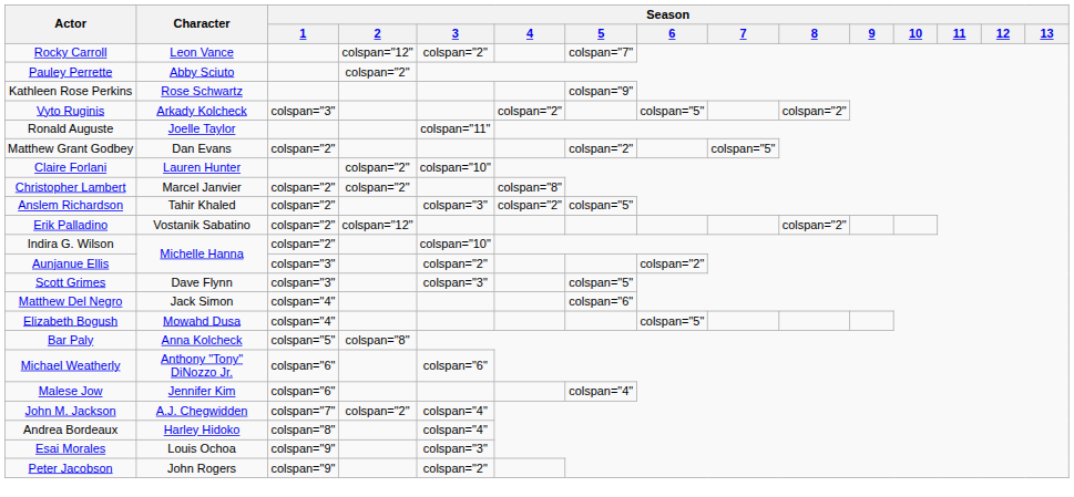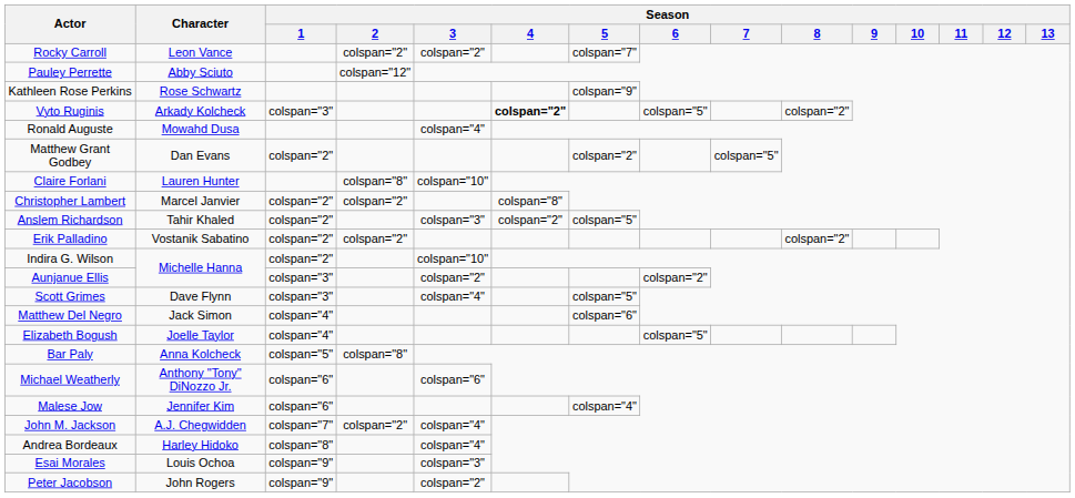 <table class="wikitable plainrowheaders" style="text-align:center; font-size:90%; width:100%">
 <tr>
 <th scope="col" rowspan="2" style="width:12%;">Actor</th>
 <th scope="col" rowspan="2" style="width:12%;">Character</th>
 <th scope="col" colspan="13" style="width:76%;">Season</th>
 </tr>
 <tr>
 <th scope="col" style="width:4%;"><a href='#'>1</a></th>
 <th scope="col" style="width:4%;"><a href='#'>2</a></th>
 <th scope="col" style="width:4%;"><a href='#'>3</a></th>
 <th scope="col" style="width:4%;"><a href='#'>4</a></th>
 <th scope="col" style="width:4%;"><a href='#'>5</a></th>
 <th scope="col" style="width:4%;"><a href='#'>6</a></th>
 <th scope="col" style="width:4%;"><a href='#'>7</a></th>
 <th scope="col" style="width:4%;"><a href='#'>8</a></th>
 <th scope="col" style="width:4%;"><a href='#'>9</a></th>
 <th scope="col" style="width:4%;"><a href='#'>10</a></th>
 <th scope="col" style="width:4%;"><a href='#'>11</a></th>
 <th scope="col" style="width:4%;"><a href='#'>12</a></th>
 <th scope="col" style="width:4%;"><a href='#'>13</a></th>
 </tr>
 <tr>
 <td scope="row"><a href='#'>Rocky Carroll</a></td>
 <td><a href='#'>Leon Vance</a></td>
 <td></td>
-<td>colspan="12" </td>
+<td>colspan="2" </td>
 <td>colspan="2" </td>
 <td></td>
 <td>colspan="7" </td>
 </tr>
 <tr>
 <td scope="row"><a href='#'>Pauley Perrette</a></td>
 <td><a href='#'>Abby Sciuto</a></td>
 <td></td>
-<td>colspan="2" </td>
+<td>colspan="12" </td>
 </tr>
 <tr>
 <td scope="row">Kathleen Rose Perkins</td>
 <td><a href='#'>Rose Schwartz</a></td>
 <td></td>
 <td></td>
 <td></td>
 <td></td>
 <td>colspan="9" </td>
 </tr>
 <tr>
 <td scope="row"><a href='#'>Vyto Ruginis</a></td>
 <td><a href='#'>Arkady Kolcheck</a></td>
 <td>colspan="3" </td>
 <td></td>
 <td></td>
-<td>colspan="2" </td>
+<td><strong>colspan="2" </strong></td>
 <td></td>
 <td>colspan="5" </td>
 <td></td>
 <td>colspan="2" </td>
 </tr>
 <tr>
 <td scope="row">Ronald Auguste</td>
-<td><a href='#'>Joelle Taylor</a></td>
+<td><a href='#'>Mowahd Dusa</a></td>
 <td></td>
 <td></td>
-<td>colspan="11" </td>
+<td>colspan="4" </td>
 </tr>
 <tr>
 <td scope="row">Matthew Grant Godbey</td>
 <td>Dan Evans</td>
 <td>colspan="2" </td>
 <td></td>
 <td></td>
 <td></td>
 <td>colspan="2" </td>
 <td></td>
 <td>colspan="5" </td>
 </tr>
 <tr>
 <td scope="row"><a href='#'>Claire Forlani</a></td>
 <td><a href='#'>Lauren Hunter</a></td>
 <td></td>
-<td>colspan="2" </td>
+<td>colspan="8" </td>
 <td>colspan="10" </td>
 </tr>
 <tr>
 <td scope="row"><a href='#'>Christopher Lambert</a></td>
 <td>Marcel Janvier</td>
 <td>colspan="2" </td>
 <td>colspan="2" </td>
 <td></td>
 <td>colspan="8" </td>
 </tr>
 <tr>
 <td scope="row"><a href='#'>Anslem Richardson</a></td>
 <td>Tahir Khaled</td>
 <td>colspan="2" </td>
 <td></td>
 <td>colspan="3" </td>
 <td>colspan="2" </td>
 <td>colspan="5" </td>
 </tr>
 <tr>
 <td scope="row"><a href='#'>Erik Palladino</a></td>
 <td>Vostanik Sabatino</td>
 <td>colspan="2" </td>
-<td>colspan="12" </td>
+<td>colspan="2" </td>
 <td></td>
 <td></td>
 <td></td>
 <td></td>
 <td></td>
 <td>colspan="2" </td>
 <td></td>
 <td></td>
 </tr>
 <tr>
 <td scope="row">Indira G. Wilson</td>
 <td rowspan="2"><a href='#'>Michelle Hanna</a></td>
 <td>colspan="2" </td>
 <td></td>
 <td>colspan="10" </td>
 </tr>
 <tr>
 <td scope="row"><a href='#'>Aunjanue Ellis</a></td>
 <td>colspan="3" </td>
 <td></td>
 <td>colspan="2" </td>
 <td></td>
 <td></td>
 <td>colspan="2" </td>
 </tr>
 <tr>
 <td scope="row"><a href='#'>Scott Grimes</a></td>
 <td>Dave Flynn</td>
 <td>colspan="3" </td>
 <td></td>
-<td>colspan="3" </td>
+<td>colspan="4" </td>
 <td></td>
 <td>colspan="5" </td>
 </tr>
 <tr>
 <td scope="row"><a href='#'>Matthew Del Negro</a></td>
 <td>Jack Simon</td>
 <td>colspan="4" </td>
 <td></td>
 <td></td>
 <td></td>
 <td>colspan="6" </td>
 </tr>
 <tr>
 <td scope="row"><a href='#'>Elizabeth Bogush</a></td>
-<td><a href='#'>Mowahd Dusa</a></td>
+<td><a href='#'>Joelle Taylor</a></td>
 <td>colspan="4" </td>
 <td></td>
 <td></td>
 <td></td>
 <td></td>
 <td>colspan="5" </td>
 <td></td>
 <td></td>
 <td></td>
 </tr>
 <tr>
 <td scope="row"><a href='#'>Bar Paly</a></td>
 <td><a href='#'>Anna Kolcheck</a></td>
 <td>colspan="5" </td>
 <td>colspan="8" </td>
 </tr>
 <tr>
 <td scope="row"><a href='#'>Michael Weatherly</a></td>
 <td><a href='#'>Anthony "Tony" DiNozzo Jr.</a></td>
 <td>colspan="6" </td>
 <td></td>
 <td>colspan="6" </td>
 </tr>
 <tr>
 <td scope="row"><a href='#'>Malese Jow</a></td>
 <td><a href='#'>Jennifer Kim</a></td>
 <td>colspan="6" </td>
 <td></td>
 <td></td>
 <td></td>
 <td>colspan="4" </td>
 </tr>
 <tr>
 <td scope="row"><a href='#'>John M. Jackson</a></td>
 <td><a href='#'>A.J. Chegwidden</a></td>
 <td>colspan="7" </td>
 <td>colspan="2" </td>
 <td>colspan="4" </td>
 </tr>
 <tr>
 <td scope="row">Andrea Bordeaux</td>
 <td><a href='#'>Harley Hidoko</a></td>
 <td>colspan="8" </td>
 <td></td>
 <td>colspan="4" </td>
 </tr>
 <tr>
 <td scope="row"><a href='#'>Esai Morales</a></td>
 <td>Louis Ochoa</td>
 <td>colspan="9" </td>
 <td></td>
 <td>colspan="3" </td>
 </tr>
 <tr>
 <td scope="row"><a href='#'>Peter Jacobson</a></td>
 <td>John Rogers</td>
 <td>colspan="9" </td>
 <td></td>
 <td>colspan="2" </td>
 <td></td>
 </tr>
 </table>
